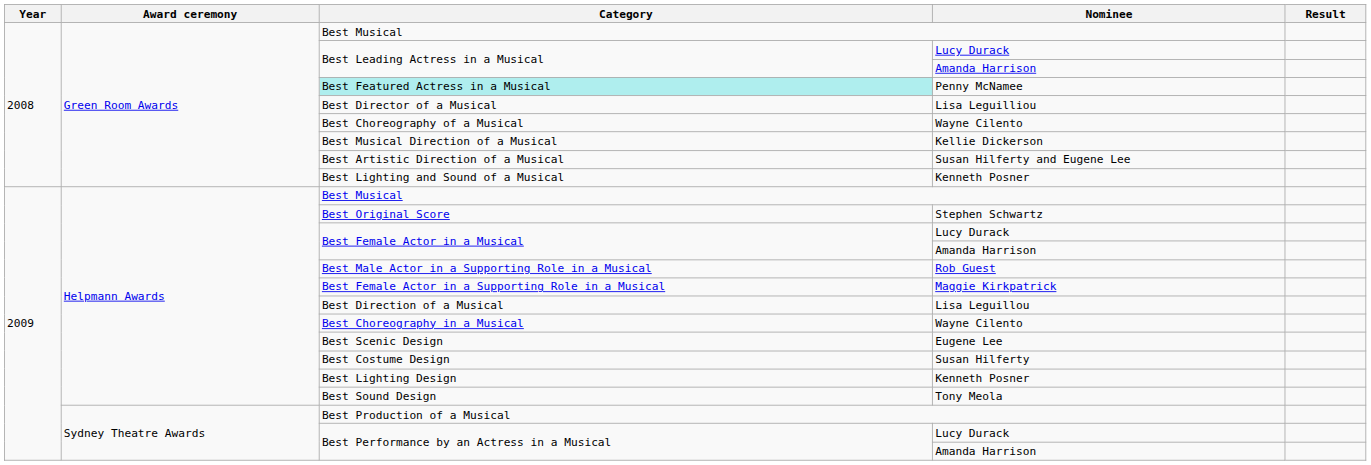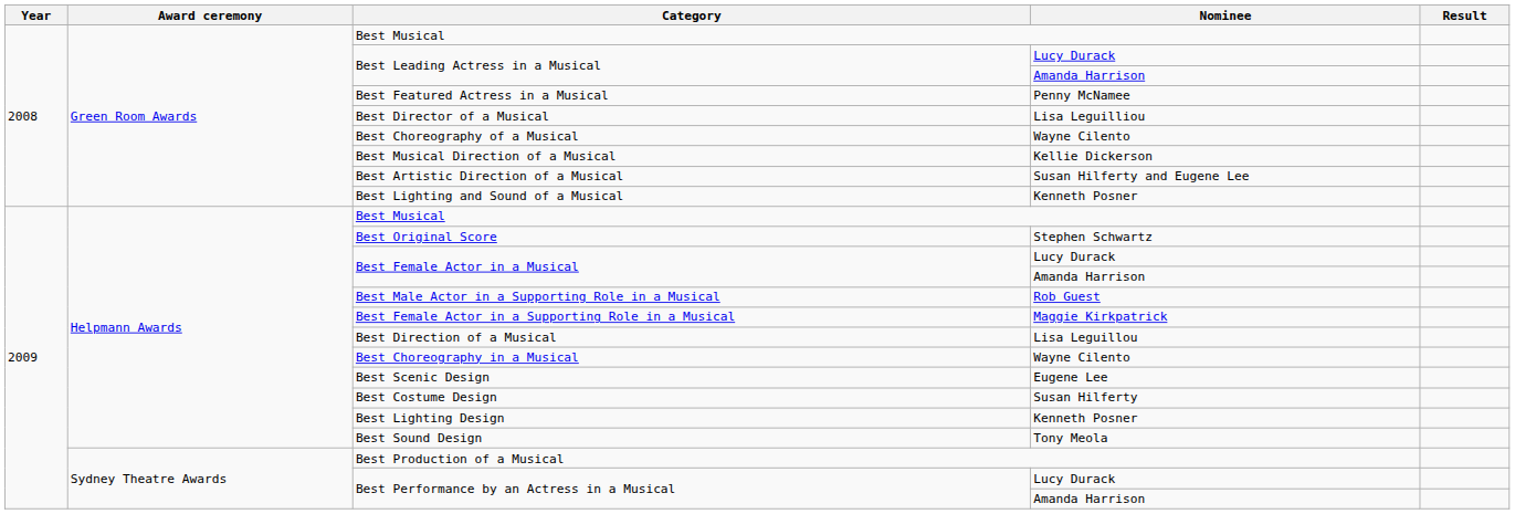 <table class=wikitable width=100%>
 <tr>
 <th scope=col>Year</th>
 <th scope=col>Award ceremony</th>
 <th scope=col>Category</th>
 <th scope=col>Nominee</th>
 <th scope=col>Result</th>
 </tr>
 <tr>
 <td rowspan=9>2008</td>
 <td rowspan=9><a href='#'>Green Room Awards</a></td>
 <td colspan=2>Best Musical</td>
 <td></td>
 </tr>
 <tr>
 <td rowspan=2>Best Leading Actress in a Musical</td>
 <td><a href='#'>Lucy Durack</a></td>
 <td></td>
 </tr>
 <tr>
 <td><a href='#'>Amanda Harrison</a></td>
 <td></td>
 </tr>
 <tr>
-<td style="background: paleturquoise;">Best Featured Actress in a Musical</td>
+<td>Best Featured Actress in a Musical</td>
 <td>Penny McNamee</td>
 <td></td>
 </tr>
 <tr>
 <td>Best Director of a Musical</td>
 <td>Lisa Leguilliou</td>
 <td></td>
 </tr>
 <tr>
 <td>Best Choreography of a Musical</td>
 <td>Wayne Cilento</td>
 <td></td>
 </tr>
 <tr>
 <td>Best Musical Direction of a Musical</td>
 <td>Kellie Dickerson</td>
 <td></td>
 </tr>
 <tr>
 <td>Best Artistic Direction of a Musical</td>
 <td>Susan Hilferty and Eugene Lee</td>
 <td></td>
 </tr>
 <tr>
 <td>Best Lighting and Sound of a Musical</td>
 <td>Kenneth Posner</td>
 <td></td>
 </tr>
 <tr>
 <td rowspan=15>2009</td>
 <td rowspan=12><a href='#'>Helpmann Awards</a></td>
 <td colspan=2><a href='#'>Best Musical</a></td>
 <td></td>
 </tr>
 <tr>
 <td><a href='#'>Best Original Score</a></td>
 <td>Stephen Schwartz</td>
 <td></td>
 </tr>
 <tr>
 <td rowspan="2"><a href='#'>Best Female Actor in a Musical</a></td>
 <td>Lucy Durack</td>
 <td></td>
 </tr>
 <tr>
 <td>Amanda Harrison</td>
 <td></td>
 </tr>
 <tr>
 <td><a href='#'>Best Male Actor in a Supporting Role in a Musical</a></td>
 <td><a href='#'>Rob Guest</a></td>
 <td></td>
 </tr>
 <tr>
 <td><a href='#'>Best Female Actor in a Supporting Role in a Musical</a></td>
 <td><a href='#'>Maggie Kirkpatrick</a></td>
 <td></td>
 </tr>
 <tr>
 <td>Best Direction of a Musical</td>
 <td>Lisa Leguillou</td>
 <td></td>
 </tr>
 <tr>
 <td><a href='#'>Best Choreography in a Musical</a></td>
 <td>Wayne Cilento</td>
 <td></td>
 </tr>
 <tr>
 <td>Best Scenic Design</td>
 <td>Eugene Lee</td>
 <td></td>
 </tr>
 <tr>
 <td>Best Costume Design</td>
 <td>Susan Hilferty</td>
 <td></td>
 </tr>
 <tr>
 <td>Best Lighting Design</td>
 <td>Kenneth Posner</td>
 <td></td>
 </tr>
 <tr>
 <td>Best Sound Design</td>
 <td>Tony Meola</td>
 <td></td>
 </tr>
 <tr>
 <td rowspan=3>Sydney Theatre Awards</td>
 <td colspan=2>Best Production of a Musical</td>
 <td></td>
 </tr>
 <tr>
 <td rowspan=2>Best Performance by an Actress in a Musical</td>
 <td>Lucy Durack</td>
 <td></td>
 </tr>
 <tr>
 <td>Amanda Harrison</td>
 <td></td>
 </tr>
 </table>
